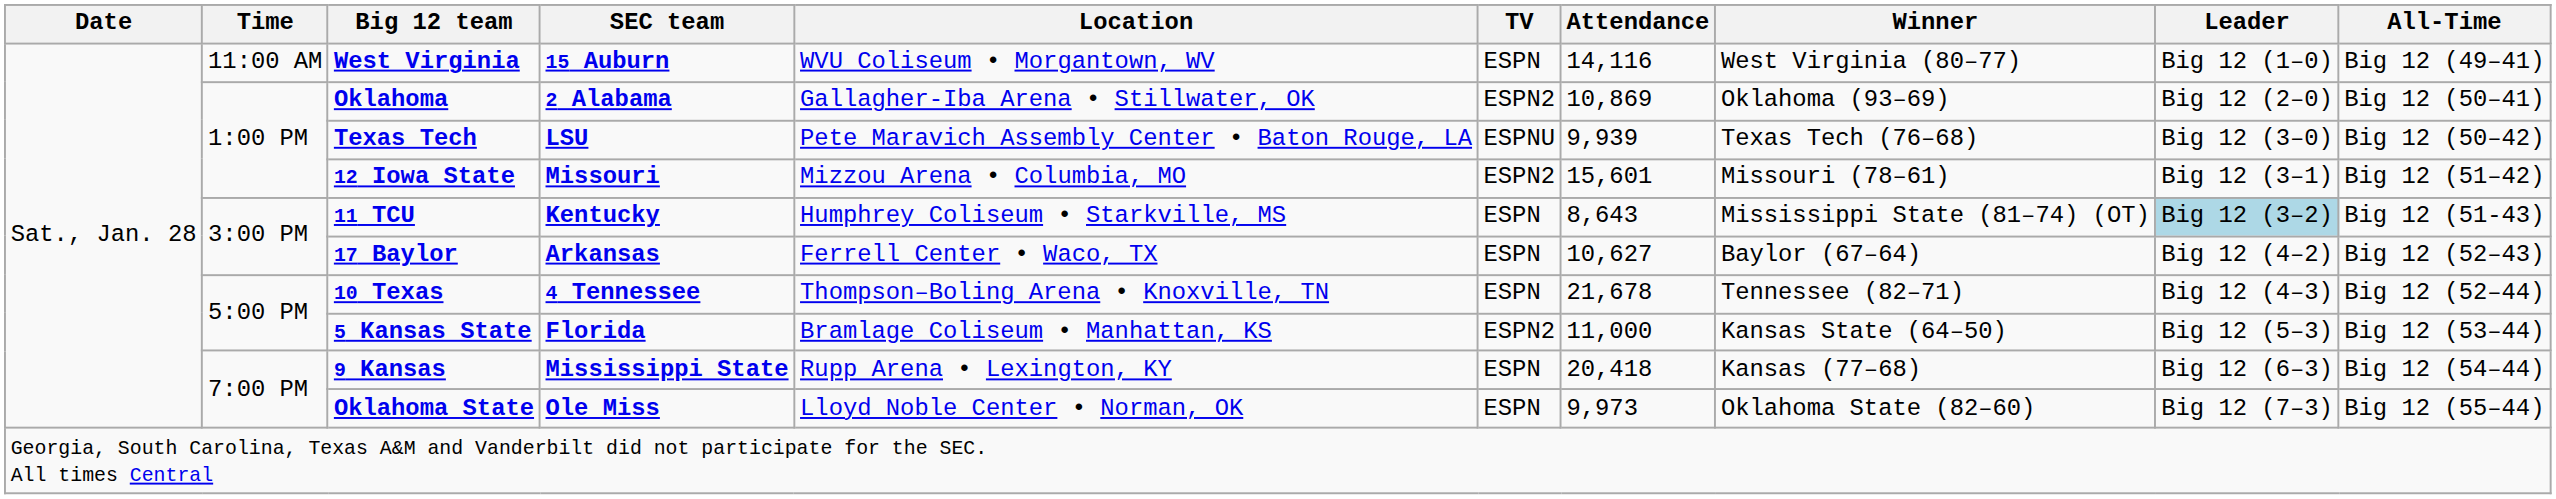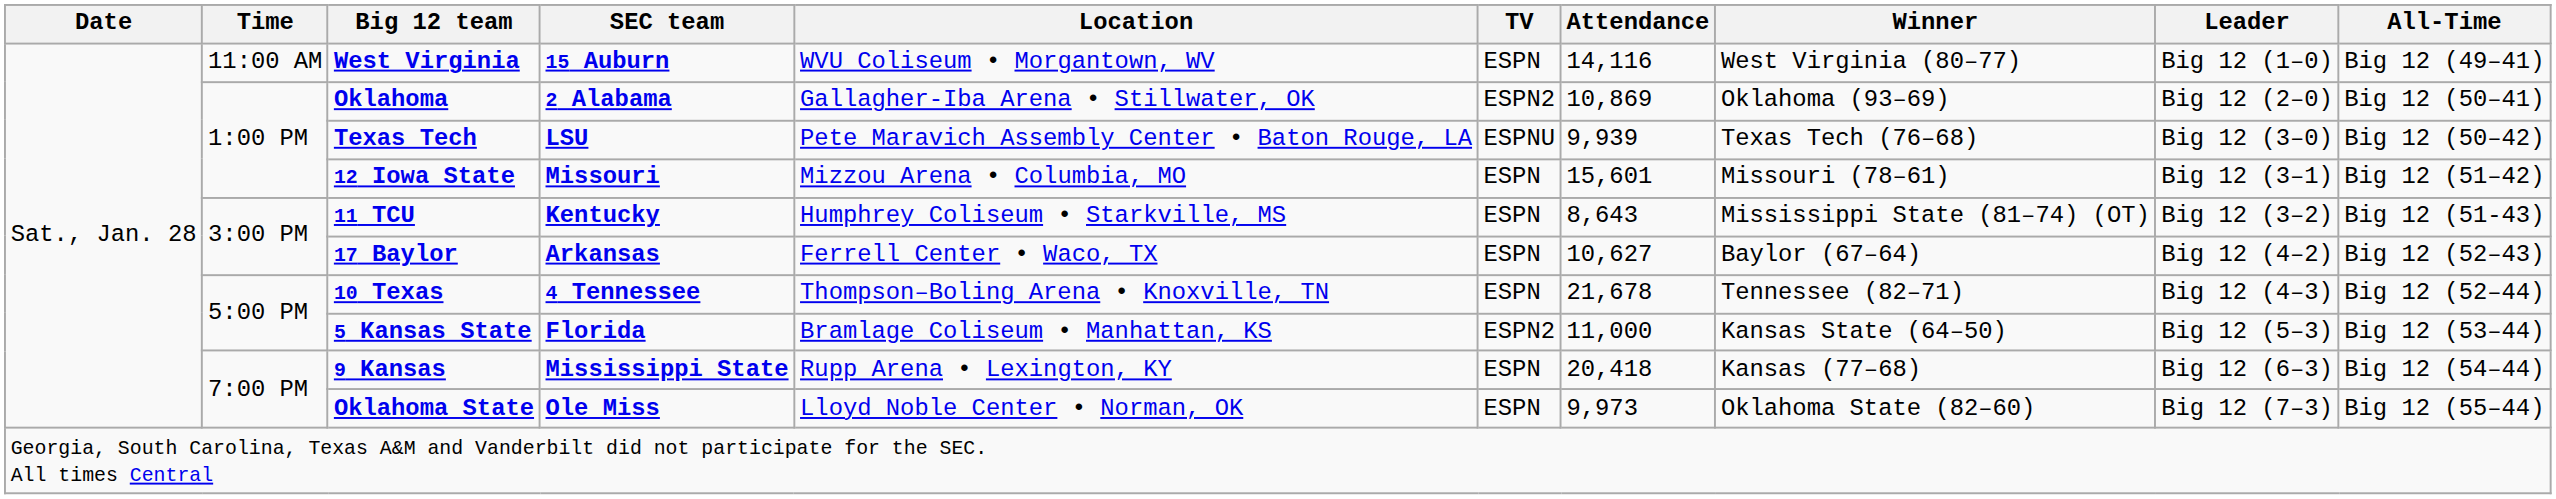 <table class="wikitable" style="font-size: 95%">
 <tr style="text-align:center;">
 <th>Date</th>
 <th>Time</th>
 <th>Big 12 team</th>
 <th>SEC team</th>
 <th>Location</th>
 <th>TV</th>
 <th>Attendance</th>
 <th>Winner</th>
 <th>Leader</th>
 <th>All-Time</th>
 </tr>
 <tr>
 <td rowspan=10>Sat., Jan. 28</td>
 <td>11:00 AM</td>
 <td><strong><a href='#'><span>West Virginia</span></a></strong></td>
 <td><strong><a href='#'><span><small>15</small> Auburn</span></a></strong></td>
 <td><a href='#'>WVU Coliseum</a> • <a href='#'>Morgantown, WV</a></td>
 <td>ESPN</td>
 <td>14,116</td>
 <td>West Virginia (80–77)</td>
 <td>Big 12 (1–0)</td>
 <td>Big 12 (49–41)</td>
 </tr>
 <tr>
 <td rowspan="3">1:00 PM</td>
 <td><strong><a href='#'><span>Oklahoma</span></a></strong></td>
 <td><strong><a href='#'><span><small>2</small> Alabama</span></a></strong></td>
 <td><a href='#'>Gallagher-Iba Arena</a> • <a href='#'>Stillwater, OK</a></td>
 <td>ESPN2</td>
 <td>10,869</td>
 <td>Oklahoma (93–69)</td>
 <td>Big 12 (2–0)</td>
 <td>Big 12 (50–41)</td>
 </tr>
 <tr>
 <td><strong><a href='#'><span>Texas Tech</span></a></strong></td>
 <td><strong><a href='#'><span>LSU</span></a></strong></td>
 <td><a href='#'>Pete Maravich Assembly Center</a> • <a href='#'>Baton Rouge, LA</a></td>
 <td>ESPNU</td>
 <td>9,939</td>
 <td>Texas Tech (76–68)</td>
 <td>Big 12 (3–0)</td>
 <td>Big 12 (50–42)</td>
 </tr>
 <tr>
 <td><strong><a href='#'><span><small>12</small> Iowa State</span></a></strong></td>
 <td><strong><a href='#'><span>Missouri</span></a></strong></td>
 <td><a href='#'>Mizzou Arena</a> • <a href='#'>Columbia, MO</a></td>
-<td>ESPN2</td>
+<td>ESPN</td>
 <td>15,601</td>
 <td>Missouri (78–61)</td>
 <td>Big 12 (3–1)</td>
 <td>Big 12 (51–42)</td>
 </tr>
 <tr>
 <td rowspan="2">3:00 PM</td>
 <td><strong><a href='#'><span><small>11</small> TCU</span></a></strong></td>
 <td><strong><a href='#'><span>Kentucky</span></a></strong></td>
 <td><a href='#'>Humphrey Coliseum</a> • <a href='#'>Starkville, MS</a></td>
 <td>ESPN</td>
 <td>8,643</td>
 <td>Mississippi State (81–74) (OT)</td>
-<td style="background: lightblue;">Big 12 (3–2)</td>
+<td>Big 12 (3–2)</td>
 <td>Big 12 (51-43)</td>
 </tr>
 <tr>
 <td><strong><a href='#'><span><small>17</small> Baylor</span></a></strong></td>
 <td><strong><a href='#'><span>Arkansas</span></a></strong></td>
 <td><a href='#'>Ferrell Center</a> • <a href='#'>Waco, TX</a></td>
 <td>ESPN</td>
 <td>10,627</td>
 <td>Baylor (67–64)</td>
 <td>Big 12 (4–2)</td>
 <td>Big 12 (52–43)</td>
 </tr>
 <tr>
 <td rowspan="2">5:00 PM</td>
 <td><strong><a href='#'><span><small>10</small> Texas</span></a></strong></td>
 <td><strong><a href='#'><span><small>4</small> Tennessee</span></a></strong></td>
 <td><a href='#'>Thompson–Boling Arena</a> • <a href='#'>Knoxville, TN</a></td>
 <td>ESPN</td>
 <td>21,678</td>
 <td>Tennessee (82–71)</td>
 <td>Big 12 (4–3)</td>
 <td>Big 12 (52–44)</td>
 </tr>
 <tr>
 <td><strong><a href='#'><span><small>5</small> Kansas State</span></a></strong></td>
 <td><strong><a href='#'><span>Florida</span></a></strong></td>
 <td><a href='#'>Bramlage Coliseum</a> • <a href='#'>Manhattan, KS</a></td>
 <td>ESPN2</td>
 <td>11,000</td>
 <td>Kansas State (64–50)</td>
 <td>Big 12 (5–3)</td>
 <td>Big 12 (53–44)</td>
 </tr>
 <tr>
 <td rowspan="2">7:00 PM</td>
 <td><strong><a href='#'><span><small>9</small> Kansas</span></a></strong></td>
 <td><strong><a href='#'><span>Mississippi State</span></a></strong></td>
 <td><a href='#'>Rupp Arena</a> • <a href='#'>Lexington, KY</a></td>
 <td>ESPN</td>
 <td>20,418</td>
 <td>Kansas (77–68)</td>
 <td>Big 12 (6–3)</td>
 <td>Big 12 (54–44)</td>
 </tr>
 <tr>
 <td><strong><a href='#'><span>Oklahoma State</span></a></strong></td>
 <td><strong><a href='#'><span>Ole Miss</span></a></strong></td>
 <td><a href='#'>Lloyd Noble Center</a> • <a href='#'>Norman, OK</a></td>
 <td>ESPN</td>
 <td>9,973</td>
 <td>Oklahoma State (82–60)</td>
 <td>Big 12 (7–3)</td>
 <td>Big 12 (55–44)</td>
 </tr>
 <tr>
 <td colspan="11"><small>Georgia, South Carolina, Texas A&M and Vanderbilt did not participate for the SEC.<br>All times <a href='#'>Central</a></small></td>
 </tr>
 </table>
